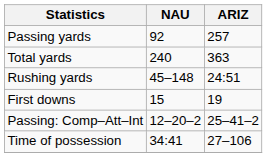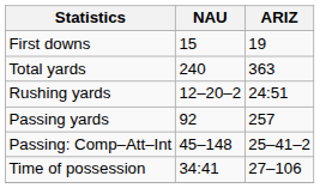 <table class="wikitable" style="float: left;">
 <tr>
 <th>Statistics</th>
 <th>NAU</th>
 <th>ARIZ</th>
 </tr>
 <tr>
-<td>Passing yards</td>
-<td>92</td>
-<td>257</td>
+<td>First downs</td>
+<td>15</td>
+<td>19</td>
 </tr>
 <tr>
 <td>Total yards</td>
 <td>240</td>
 <td>363</td>
 </tr>
 <tr>
 <td>Rushing yards</td>
-<td>45–148</td>
+<td>12–20–2</td>
 <td>24:51</td>
 </tr>
 <tr>
-<td>First downs</td>
-<td>15</td>
-<td>19</td>
+<td>Passing yards</td>
+<td>92</td>
+<td>257</td>
 </tr>
 <tr>
 <td>Passing: Comp–Att–Int</td>
-<td>12–20–2</td>
+<td>45–148</td>
 <td>25–41–2</td>
 </tr>
 <tr>
 <td>Time of possession</td>
 <td>34:41</td>
 <td>27–106</td>
 </tr>
 <tr>
 </tr>
 </table>
